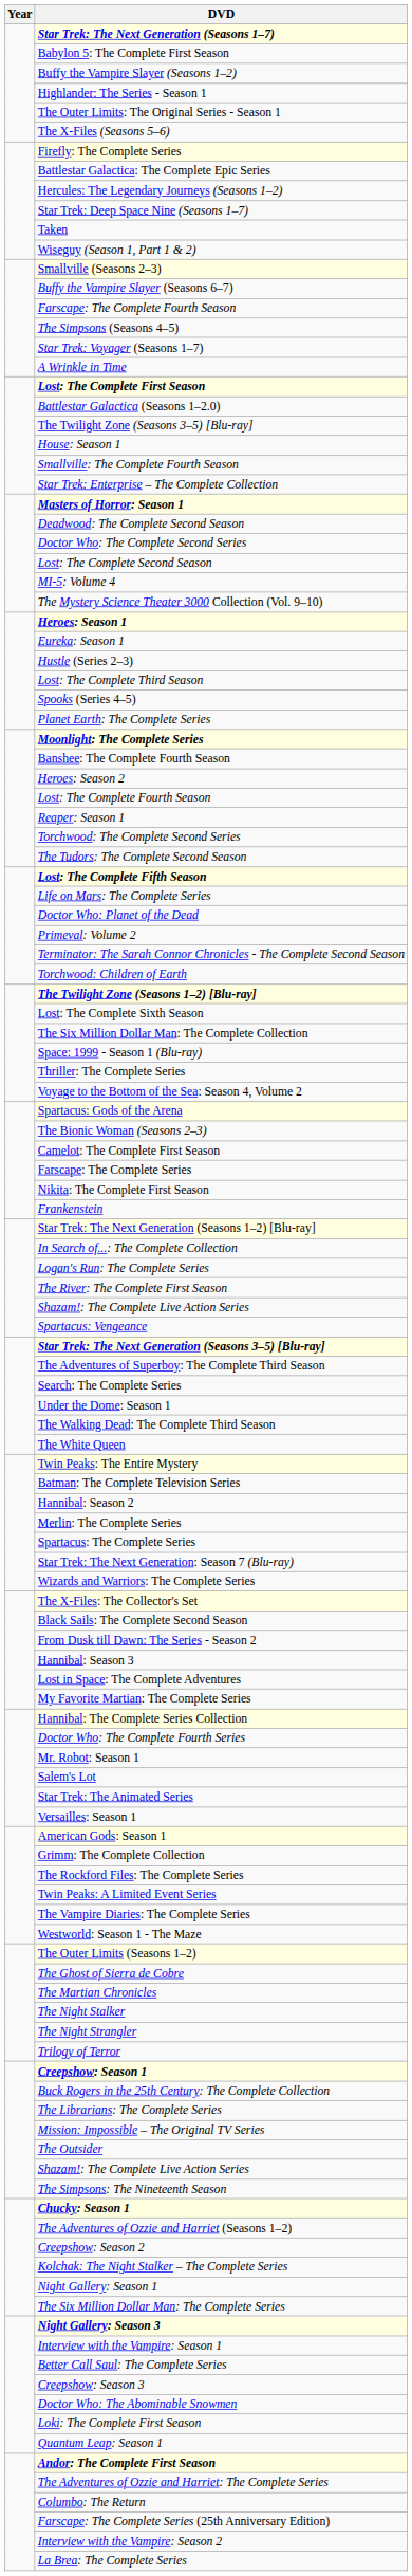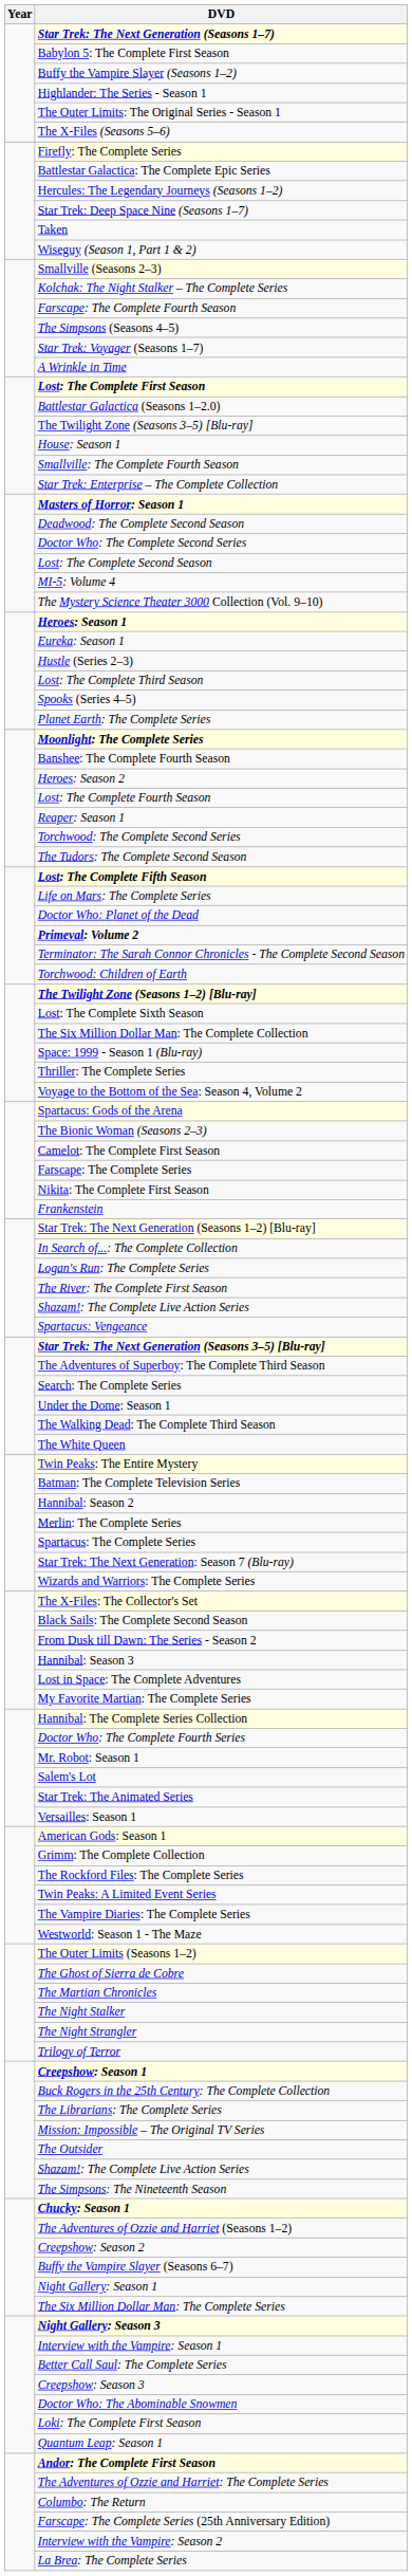 <table class="wikitable">
 <tr>
 <th>Year</th>
 <th>DVD</th>
 </tr>
 <tr>
 <td rowspan="6"></td>
 <td style="background:lightyellow"><strong><em><a href='#'>Star Trek: The Next Generation</a><em> (Seasons 1–7)<strong></td>
 </tr>
 <tr>
 <td></em><a href='#'>Babylon 5</a>: The Complete First Season<em></td>
 </tr>
 <tr>
 <td></em><a href='#'>Buffy the Vampire Slayer</a><em> (Seasons 1–2)</td>
 </tr>
 <tr>
 <td></em><a href='#'>Highlander: The Series</a><em> </em>- Season 1<em></td>
 </tr>
 <tr>
 <td></em><a href='#'>The Outer Limits</a>: The Original Series - Season 1<em></td>
 </tr>
 <tr>
 <td></em><a href='#'>The X-Files</a><em> (Seasons 5–6)</td>
 </tr>
 <tr>
 <td rowspan="6"></td>
 <td style="background:lightyellow"></em></strong><a href='#'>Firefly</a>: The Complete Series<strong><em></td>
 </tr>
 <tr>
 <td></em><a href='#'>Battlestar Galactica</a>: The Complete Epic Series<em></td>
 </tr>
 <tr>
 <td></em><a href='#'>Hercules: The Legendary Journeys</a><em> (Seasons 1–2)</td>
 </tr>
 <tr>
 <td></em><a href='#'>Star Trek: Deep Space Nine</a><em> (Seasons 1–7)</td>
 </tr>
 <tr>
 <td></em><a href='#'>Taken</a><em></td>
 </tr>
 <tr>
 <td></em><a href='#'>Wiseguy</a><em> (Season 1, Part 1 & 2)</td>
 </tr>
 <tr>
 <td rowspan="6"></td>
 <td style="background:lightyellow"></em></strong><a href='#'>Smallville</a></em> (Seasons 2–3)</strong></td>
 </tr>
 <tr>
-<td><em><a href='#'>Buffy the Vampire Slayer</a></em> (Seasons 6–7)</td>
+<td><em><a href='#'>Kolchak: The Night Stalker</a> – The Complete Series</em></td>
 </tr>
 <tr>
 <td><em><a href='#'>Farscape</a>: The Complete Fourth Season</em></td>
 </tr>
 <tr>
 <td><em><a href='#'>The Simpsons</a></em> (Seasons 4–5)</td>
 </tr>
 <tr>
 <td><em><a href='#'>Star Trek: Voyager</a></em> (Seasons 1–7)</td>
 </tr>
 <tr>
 <td><em><a href='#'>A Wrinkle in Time</a></em></td>
 </tr>
 <tr>
 <td rowspan="6"></td>
 <td style="background:lightyellow"><strong><em><a href='#'>Lost</a>: The Complete First Season</em></strong></td>
 </tr>
 <tr>
 <td><em><a href='#'>Battlestar Galactica</a></em> (Seasons 1–2.0)</td>
 </tr>
 <tr>
 <td></em><a href='#'>The Twilight Zone</a><em> (Seasons 3–5) [Blu-ray]</td>
 </tr>
 <tr>
 <td><em><a href='#'>House</a>: Season 1</em></td>
 </tr>
 <tr>
 <td><em><a href='#'>Smallville</a>: The Complete Fourth Season</em></td>
 </tr>
 <tr>
 <td><em><a href='#'>Star Trek: Enterprise</a> – The Complete Collection</em></td>
 </tr>
 <tr>
 <td rowspan="6"></td>
 <td style="background:lightyellow"><strong><em><a href='#'>Masters of Horror</a>: Season 1</em></strong></td>
 </tr>
 <tr>
 <td><em><a href='#'>Deadwood</a>: The Complete Second Season</em></td>
 </tr>
 <tr>
 <td><em><a href='#'>Doctor Who</a>: The Complete Second Series</em></td>
 </tr>
 <tr>
 <td><em><a href='#'>Lost</a>: The Complete Second Season</em></td>
 </tr>
 <tr>
 <td><em><a href='#'>MI-5</a>: Volume 4</em></td>
 </tr>
 <tr>
 <td><em>The <a href='#'>Mystery Science Theater 3000</a></em> Collection (Vol. 9–10)</td>
 </tr>
 <tr>
 <td rowspan="6"></td>
 <td style="background:lightyellow"><strong><em><a href='#'>Heroes</a>: Season 1</em></strong></td>
 </tr>
 <tr>
 <td><em><a href='#'>Eureka</a>: Season 1</em></td>
 </tr>
 <tr>
 <td><em><a href='#'>Hustle</a></em> (Series 2–3)</td>
 </tr>
 <tr>
 <td><em><a href='#'>Lost</a>: The Complete Third Season</em></td>
 </tr>
 <tr>
 <td><em><a href='#'>Spooks</a></em> (Series 4–5)</td>
 </tr>
 <tr>
 <td><em><a href='#'>Planet Earth</a>: The Complete Series</em></td>
 </tr>
 <tr>
 <td rowspan="7"></td>
 <td style="background:lightyellow"><strong><em><a href='#'>Moonlight</a>: The Complete Series</em></strong></td>
 </tr>
 <tr>
 <td></em><a href='#'>Banshee</a>: The Complete Fourth Season<em></td>
 </tr>
 <tr>
 <td><em><a href='#'>Heroes</a>: Season 2</em></td>
 </tr>
 <tr>
 <td><em><a href='#'>Lost</a>: The Complete Fourth Season</em></td>
 </tr>
 <tr>
 <td><em><a href='#'>Reaper</a>: Season 1</em></td>
 </tr>
 <tr>
 <td><em><a href='#'>Torchwood</a>: The Complete Second Series</em></td>
 </tr>
 <tr>
 <td><em><a href='#'>The Tudors</a>: The Complete Second Season</em></td>
 </tr>
 <tr>
 <td rowspan="6"></td>
 <td style="background:lightyellow"><strong><em><a href='#'>Lost</a>: The Complete Fifth Season</em></strong></td>
 </tr>
 <tr>
 <td><em><a href='#'>Life on Mars</a>: The Complete Series</em></td>
 </tr>
 <tr>
 <td><em><a href='#'>Doctor Who: Planet of the Dead</a></em></td>
 </tr>
 <tr>
-<td><em><a href='#'>Primeval</a>: Volume 2</em></td>
+<td><strong><em><a href='#'>Primeval</a>: Volume 2</em></strong></td>
 </tr>
 <tr>
 <td><em><a href='#'>Terminator: The Sarah Connor Chronicles</a></em> - <em>The Complete Second Season</em></td>
 </tr>
 <tr>
 <td><em><a href='#'>Torchwood: Children of Earth</a></em></td>
 </tr>
 <tr>
 <td rowspan="6"></td>
 <td style="background:lightyellow"><strong><em><a href='#'>The Twilight Zone</a><em> (Seasons 1–2) [Blu-ray]<strong></td>
 </tr>
 <tr>
 <td></em><a href='#'>Lost</a>: The Complete Sixth Season<em></td>
 </tr>
 <tr>
 <td></em><a href='#'>The Six Million Dollar Man</a>: The Complete Collection<em></td>
 </tr>
 <tr>
 <td></em><a href='#'>Space: 1999</a><em> </em>- Season 1<em> (Blu-ray)</td>
 </tr>
 <tr>
 <td></em><a href='#'>Thriller</a>: The Complete Series<em></td>
 </tr>
 <tr>
 <td></em><a href='#'>Voyage to the Bottom of the Sea</a>: Season 4, Volume 2<em></td>
 </tr>
 <tr>
 <td rowspan="6"></td>
 <td style="background:lightyellow"></em></strong><a href='#'>Spartacus: Gods of the Arena</a><strong><em></td>
 </tr>
 <tr>
 <td></em><a href='#'>The Bionic Woman</a><em> (Seasons 2–3)</td>
 </tr>
 <tr>
 <td></em><a href='#'>Camelot</a>: The Complete First Season<em></td>
 </tr>
 <tr>
 <td></em><a href='#'>Farscape</a>: The Complete Series<em></td>
 </tr>
 <tr>
 <td></em><a href='#'>Nikita</a>: The Complete First Season<em></td>
 </tr>
 <tr>
 <td><em><a href='#'>Frankenstein</a></em></td>
 </tr>
 <tr>
 <td rowspan="6"></td>
 <td style="background:lightyellow"></em></strong><a href='#'>Star Trek: The Next Generation</a></em> (Seasons 1–2) [Blu-ray]</strong></td>
 </tr>
 <tr>
 <td><em><a href='#'>In Search of...</a>: The Complete Collection</em></td>
 </tr>
 <tr>
 <td><em><a href='#'>Logan's Run</a>: The Complete Series</em></td>
 </tr>
 <tr>
 <td><em><a href='#'>The River</a>: The Complete First Season</em></td>
 </tr>
 <tr>
 <td><em><a href='#'>Shazam!</a>: The Complete Live Action Series</em></td>
 </tr>
 <tr>
 <td><em><a href='#'>Spartacus: Vengeance</a></em></td>
 </tr>
 <tr>
 <td rowspan="6"></td>
 <td style="background:lightyellow"><strong><em><a href='#'>Star Trek: The Next Generation</a><em> (Seasons 3–5) [Blu-ray]<strong></td>
 </tr>
 <tr>
 <td></em><a href='#'>The Adventures of Superboy</a>: The Complete Third Season<em></td>
 </tr>
 <tr>
 <td></em><a href='#'>Search</a>: The Complete Series<em></td>
 </tr>
 <tr>
 <td></em><a href='#'>Under the Dome</a>: Season 1<em></td>
 </tr>
 <tr>
 <td></em><a href='#'>The Walking Dead</a>: The Complete Third Season<em></td>
 </tr>
 <tr>
 <td></em><a href='#'>The White Queen</a><em></td>
 </tr>
 <tr>
 <td rowspan="7"></td>
 <td style="background:lightyellow"></em></strong><a href='#'>Twin Peaks</a>: The Entire Mystery<strong><em></td>
 </tr>
 <tr>
 <td></em><a href='#'>Batman</a>: The Complete Television Series<em></td>
 </tr>
 <tr>
 <td></em><a href='#'>Hannibal</a>: Season 2<em></td>
 </tr>
 <tr>
 <td></em><a href='#'>Merlin</a>: The Complete Series<em></td>
 </tr>
 <tr>
 <td></em><a href='#'>Spartacus</a>: The Complete Series<em></td>
 </tr>
 <tr>
 <td></em><a href='#'>Star Trek: The Next Generation</a>: Season 7<em> (Blu-ray)</td>
 </tr>
 <tr>
 <td></em><a href='#'>Wizards and Warriors</a>: The Complete Series<em></td>
 </tr>
 <tr>
 <td rowspan="6"></td>
 <td style="background:lightyellow"></em></strong><a href='#'>The X-Files</a>: The Collector's Set<strong><em></td>
 </tr>
 <tr>
 <td></em><a href='#'>Black Sails</a>: The Complete Second Season<em></td>
 </tr>
 <tr>
 <td></em><a href='#'>From Dusk till Dawn: The Series</a><em> </em>- Season 2<em></td>
 </tr>
 <tr>
 <td></em><a href='#'>Hannibal</a>: Season 3<em></td>
 </tr>
 <tr>
 <td></em><a href='#'>Lost in Space</a>: The Complete Adventures<em></td>
 </tr>
 <tr>
 <td></em><a href='#'>My Favorite Martian</a>: The Complete Series<em></td>
 </tr>
 <tr>
 <td rowspan="6"></td>
 <td style="background:lightyellow"></em></strong><a href='#'>Hannibal</a>: The Complete Series Collection<strong><em></td>
 </tr>
 <tr>
 <td><em><a href='#'>Doctor Who</a>: The Complete Fourth Series</em></td>
 </tr>
 <tr>
 <td></em><a href='#'>Mr. Robot</a>: Season 1<em></td>
 </tr>
 <tr>
 <td></em><a href='#'>Salem's Lot</a><em></td>
 </tr>
 <tr>
 <td></em><a href='#'>Star Trek: The Animated Series</a><em></td>
 </tr>
 <tr>
 <td></em><a href='#'>Versailles</a>: Season 1<em></td>
 </tr>
 <tr>
 <td rowspan="6"></td>
 <td style="background:lightyellow"></em></strong><a href='#'>American Gods</a>: Season 1<strong><em></td>
 </tr>
 <tr>
 <td></em><a href='#'>Grimm</a>: The Complete Collection<em></td>
 </tr>
 <tr>
 <td></em><a href='#'>The Rockford Files</a>: The Complete Series<em></td>
 </tr>
 <tr>
 <td></em><a href='#'>Twin Peaks: A Limited Event Series</a><em></td>
 </tr>
 <tr>
 <td></em><a href='#'>The Vampire Diaries</a>: The Complete Series<em></td>
 </tr>
 <tr>
 <td></em><a href='#'>Westworld</a>: Season 1 - The Maze<em></td>
 </tr>
 <tr>
 <td rowspan="6"></td>
 <td style="background:lightyellow"></em></strong><a href='#'>The Outer Limits</a></em> (Seasons 1–2)</strong></td>
 </tr>
 <tr>
 <td><em><a href='#'>The Ghost of Sierra de Cobre</a></em></td>
 </tr>
 <tr>
 <td><em><a href='#'>The Martian Chronicles</a></em></td>
 </tr>
 <tr>
 <td><em><a href='#'>The Night Stalker</a></em></td>
 </tr>
 <tr>
 <td><em><a href='#'>The Night Strangler</a></em></td>
 </tr>
 <tr>
 <td><em><a href='#'>Trilogy of Terror</a></em></td>
 </tr>
 <tr>
 <td rowspan="7"></td>
 <td style="background:lightyellow"><strong><em><a href='#'>Creepshow</a>: Season 1</em></strong></td>
 </tr>
 <tr>
 <td><em><a href='#'>Buck Rogers in the 25th Century</a>: The Complete Collection</em></td>
 </tr>
 <tr>
 <td><em><a href='#'>The Librarians</a>: The Complete Series</em></td>
 </tr>
 <tr>
 <td><em><a href='#'>Mission: Impossible</a> – The Original TV Series</em></td>
 </tr>
 <tr>
 <td><em><a href='#'>The Outsider</a></em></td>
 </tr>
 <tr>
 <td><em><a href='#'>Shazam!</a>: The Complete Live Action Series</em></td>
 </tr>
 <tr>
 <td><em><a href='#'>The Simpsons</a>: The Nineteenth Season</em></td>
 </tr>
 <tr>
 <td rowspan="6"></td>
 <td style="background:lightyellow"><strong><em><a href='#'>Chucky</a>: Season 1</em></strong></td>
 </tr>
 <tr>
 <td><em><a href='#'>The Adventures of Ozzie and Harriet</a></em> (Seasons 1–2)</td>
 </tr>
 <tr>
 <td><em><a href='#'>Creepshow</a>: Season 2</em></td>
 </tr>
 <tr>
-<td><em><a href='#'>Kolchak: The Night Stalker</a> – The Complete Series</em></td>
+<td><em><a href='#'>Buffy the Vampire Slayer</a></em> (Seasons 6–7)</td>
 </tr>
 <tr>
 <td><em><a href='#'>Night Gallery</a>: Season 1</em></td>
 </tr>
 <tr>
 <td><em><a href='#'>The Six Million Dollar Man</a>: The Complete Series</em></td>
 </tr>
 <tr>
 <td rowspan="7"></td>
 <td style="background:lightyellow"><strong><em><a href='#'>Night Gallery</a>: Season 3</em></strong></td>
 </tr>
 <tr>
 <td><em><a href='#'>Interview with the Vampire</a>: Season 1</em></td>
 </tr>
 <tr>
 <td><em><a href='#'>Better Call Saul</a>: The Complete Series</em></td>
 </tr>
 <tr>
 <td><em><a href='#'>Creepshow</a>: Season 3</em></td>
 </tr>
 <tr>
 <td><em><a href='#'>Doctor Who: The Abominable Snowmen</a></em></td>
 </tr>
 <tr>
 <td><em><a href='#'>Loki</a>: The Complete First Season</em></td>
 </tr>
 <tr>
 <td><em><a href='#'>Quantum Leap</a>: Season 1</em></td>
 </tr>
 <tr>
 <td rowspan="6"></td>
 <td style="background:lightyellow"><strong><em><a href='#'>Andor</a>: The Complete First Season</em></strong></td>
 </tr>
 <tr>
 <td><em><a href='#'>The Adventures of Ozzie and Harriet</a>: The Complete Series</em></td>
 </tr>
 <tr>
 <td><em><a href='#'>Columbo</a>: The Return</em></td>
 </tr>
 <tr>
 <td><em><a href='#'>Farscape</a>: The Complete Series</em> (25th Anniversary Edition)</td>
 </tr>
 <tr>
 <td><em><a href='#'>Interview with the Vampire</a>: Season 2</em></td>
 </tr>
 <tr>
 <td><em><a href='#'>La Brea</a>: The Complete Series</em></td>
 </tr>
 </table>
